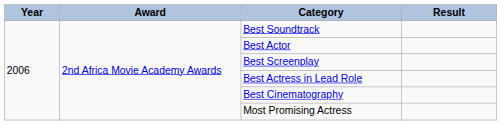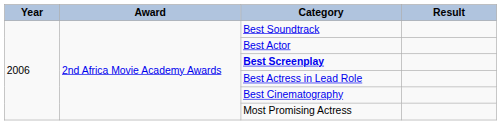 <table class="wikitable" width="60%">
 <tr>
 <th style="width:10pt; background:LightSteelBlue;">Year</th>
 <th style="width:100pt; background:LightSteelBlue;">Award</th>
 <th style="width:40pt; background:LightSteelBlue;">Category</th>
 <th style="width:50pt; background:LightSteelBlue;">Result</th>
 </tr>
 <tr>
 <td rowspan="6">2006</td>
 <td rowspan="6"><a href='#'>2nd Africa Movie Academy Awards</a></td>
 <td><a href='#'>Best Soundtrack</a></td>
 <td></td>
 </tr>
 <tr>
 <td><a href='#'>Best Actor</a></td>
 <td></td>
 </tr>
 <tr>
-<td><a href='#'>Best Screenplay</a></td>
+<td><strong><a href='#'>Best Screenplay</a></strong></td>
 <td></td>
 </tr>
 <tr>
 <td><a href='#'>Best Actress in Lead Role</a></td>
 <td></td>
 </tr>
 <tr>
 <td><a href='#'>Best Cinematography</a></td>
 <td></td>
 </tr>
 <tr>
 <td>Most Promising Actress</td>
 <td></td>
 </tr>
 </table>
